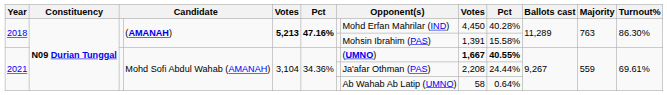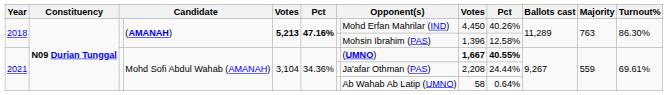 <table class="wikitable" style="margin:0.5em ; font-size:95%">
 <tr>
 <th>Year</th>
 <th>Constituency</th>
 <th colspan=2>Candidate</th>
 <th>Votes</th>
 <th>Pct</th>
 <th colspan=2>Opponent(s)</th>
 <th>Votes</th>
 <th>Pct</th>
 <th>Ballots cast</th>
 <th>Majority</th>
 <th>Turnout%</th>
 </tr>
 <tr>
 <td rowspan=2><a href='#'>2018</a></td>
 <td rowspan="5"><strong>N09 <a href='#'>Durian Tunggal</a></strong></td>
 <td rowspan=2 ></td>
 <td rowspan=2> (<a href='#'><strong>AMANAH</strong></a>)</td>
 <td rowspan=2 align="right"><strong>5,213</strong></td>
 <td rowspan=2><strong>47.16%</strong></td>
 <td></td>
 <td>Mohd Erfan Mahrilar (<a href='#'>IND</a>)</td>
 <td align="right">4,450</td>
-<td>40.28%</td>
+<td>40.26%</td>
 <td rowspan=2>11,289</td>
 <td rowspan=2>763</td>
 <td rowspan=2>86.30%</td>
 </tr>
 <tr>
 <td></td>
 <td>Mohsin Ibrahim (<a href='#'>PAS</a>)</td>
-<td align="right">1,391</td>
-<td>15.58%</td>
+<td align="right">1,396</td>
+<td>12.58%</td>
 </tr>
 <tr>
 <td rowspan="3"><a href='#'>2021</a></td>
 <td rowspan="3" ></td>
 <td rowspan="3">Mohd Sofi Abdul Wahab (<a href='#'>AMANAH</a>)</td>
 <td rowspan="3" align="right">3,104</td>
 <td rowspan="3">34.36%</td>
 <td></td>
 <td> (<a href='#'><strong>UMNO</strong></a>)</td>
 <td align="right"><strong>1,667</strong></td>
 <td><strong>40.55%</strong></td>
 <td rowspan=3>9,267</td>
 <td rowspan=3>559</td>
 <td rowspan=3>69.61%</td>
 </tr>
 <tr>
 <td></td>
 <td>Ja'afar Othman (<a href='#'>PAS</a>)</td>
 <td align="right">2,208</td>
 <td>24.44%</td>
 </tr>
 <tr>
 <td></td>
 <td>Ab Wahab Ab Latip (<a href='#'>UMNO</a>)</td>
 <td align="right">58</td>
 <td align="right">0.64%</td>
 </tr>
 </table>
